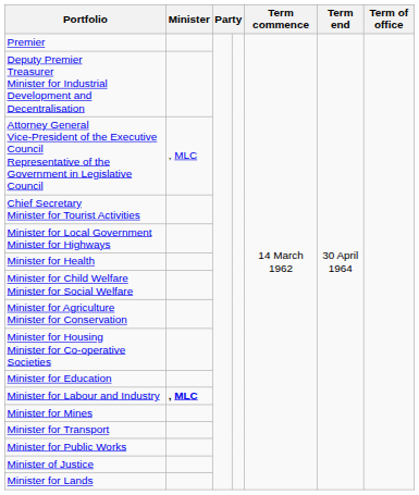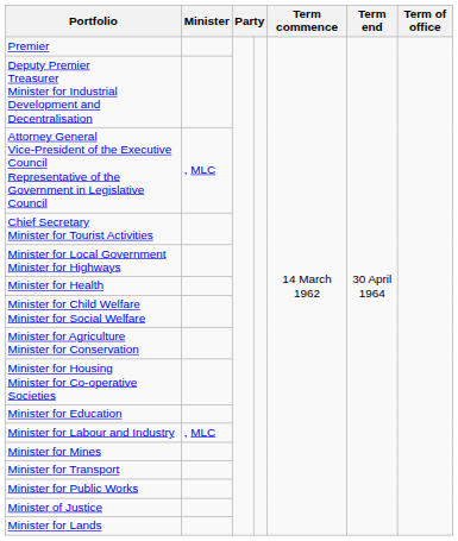 <table class="wikitable sortable">
 <tr>
 <th>Portfolio</th>
 <th>Minister</th>
 <th colspan=2>Party</th>
 <th>Term commence</th>
 <th>Term end</th>
 <th>Term of office</th>
 </tr>
 <tr>
 <td><a href='#'>Premier</a></td>
 <td></td>
 <td rowspan=16 > </td>
 <td rowspan=16></td>
 <td rowspan=16 align=center>14 March 1962</td>
 <td rowspan=16 align=center>30 April 1964</td>
 <td rowspan=16 align=right></td>
 </tr>
 <tr>
 <td><a href='#'>Deputy Premier</a><br><a href='#'>Treasurer</a><br><a href='#'>Minister for Industrial Development and Decentralisation</a></td>
 <td></td>
 </tr>
 <tr>
 <td><a href='#'>Attorney General</a><br><a href='#'>Vice-President of the Executive Council</a><br><a href='#'>Representative of the Government in Legislative Council</a></td>
 <td>, <a href='#'>MLC</a></td>
 </tr>
 <tr>
 <td><a href='#'>Chief Secretary</a><br><a href='#'>Minister for Tourist Activities</a></td>
 <td></td>
 </tr>
 <tr>
 <td><a href='#'>Minister for Local Government</a><br><a href='#'>Minister for Highways</a></td>
 <td></td>
 </tr>
 <tr>
 <td><a href='#'>Minister for Health</a></td>
 <td></td>
 </tr>
 <tr>
 <td><a href='#'>Minister for Child Welfare</a><br><a href='#'>Minister for Social Welfare</a></td>
 <td></td>
 </tr>
 <tr>
 <td><a href='#'>Minister for Agriculture</a><br><a href='#'>Minister for Conservation</a></td>
 <td></td>
 </tr>
 <tr>
 <td><a href='#'>Minister for Housing</a><br><a href='#'>Minister for Co-operative Societies</a></td>
 <td></td>
 </tr>
 <tr>
 <td><a href='#'>Minister for Education</a></td>
 <td></td>
 </tr>
 <tr>
 <td><a href='#'>Minister for Labour and Industry</a></td>
-<td><strong>, <a href='#'>MLC</a></strong></td>
+<td>, <a href='#'>MLC</a></td>
 </tr>
 <tr>
 <td><a href='#'>Minister for Mines</a></td>
 <td></td>
 </tr>
 <tr>
 <td><a href='#'>Minister for Transport</a></td>
 <td></td>
 </tr>
 <tr>
 <td><a href='#'>Minister for Public Works</a></td>
 <td></td>
 </tr>
 <tr>
 <td><a href='#'>Minister of Justice</a></td>
 <td></td>
 </tr>
 <tr>
 <td><a href='#'>Minister for Lands</a></td>
 <td></td>
 </tr>
 </table>
